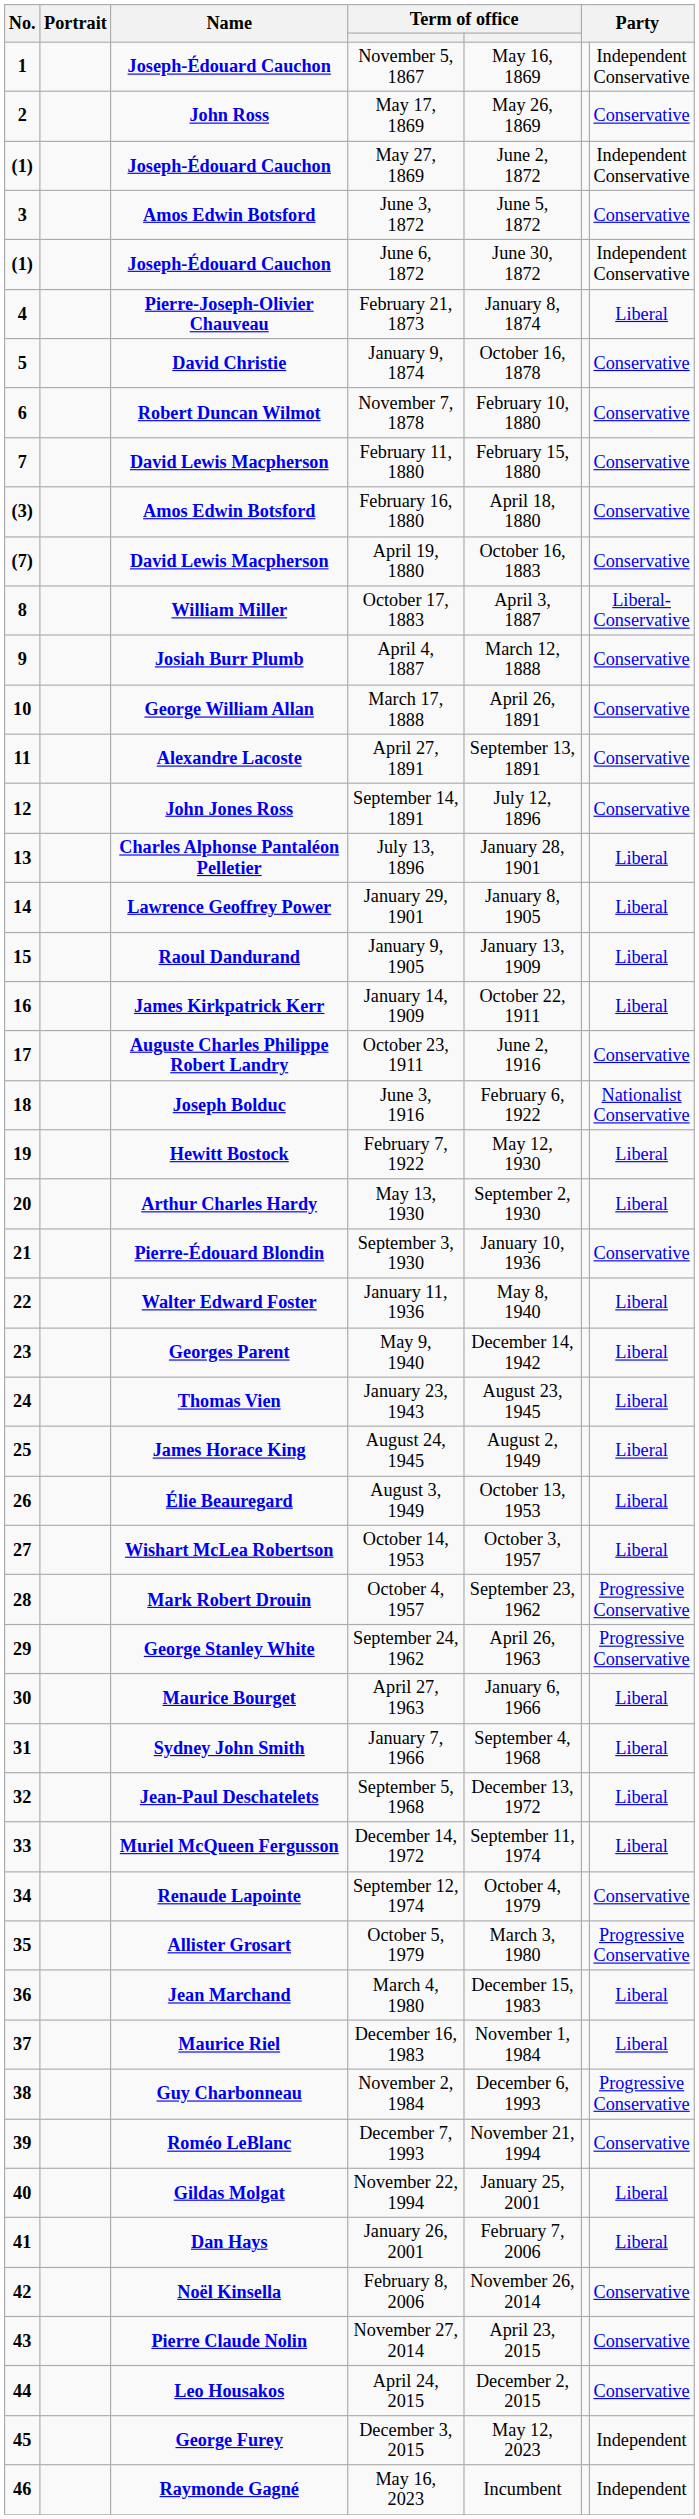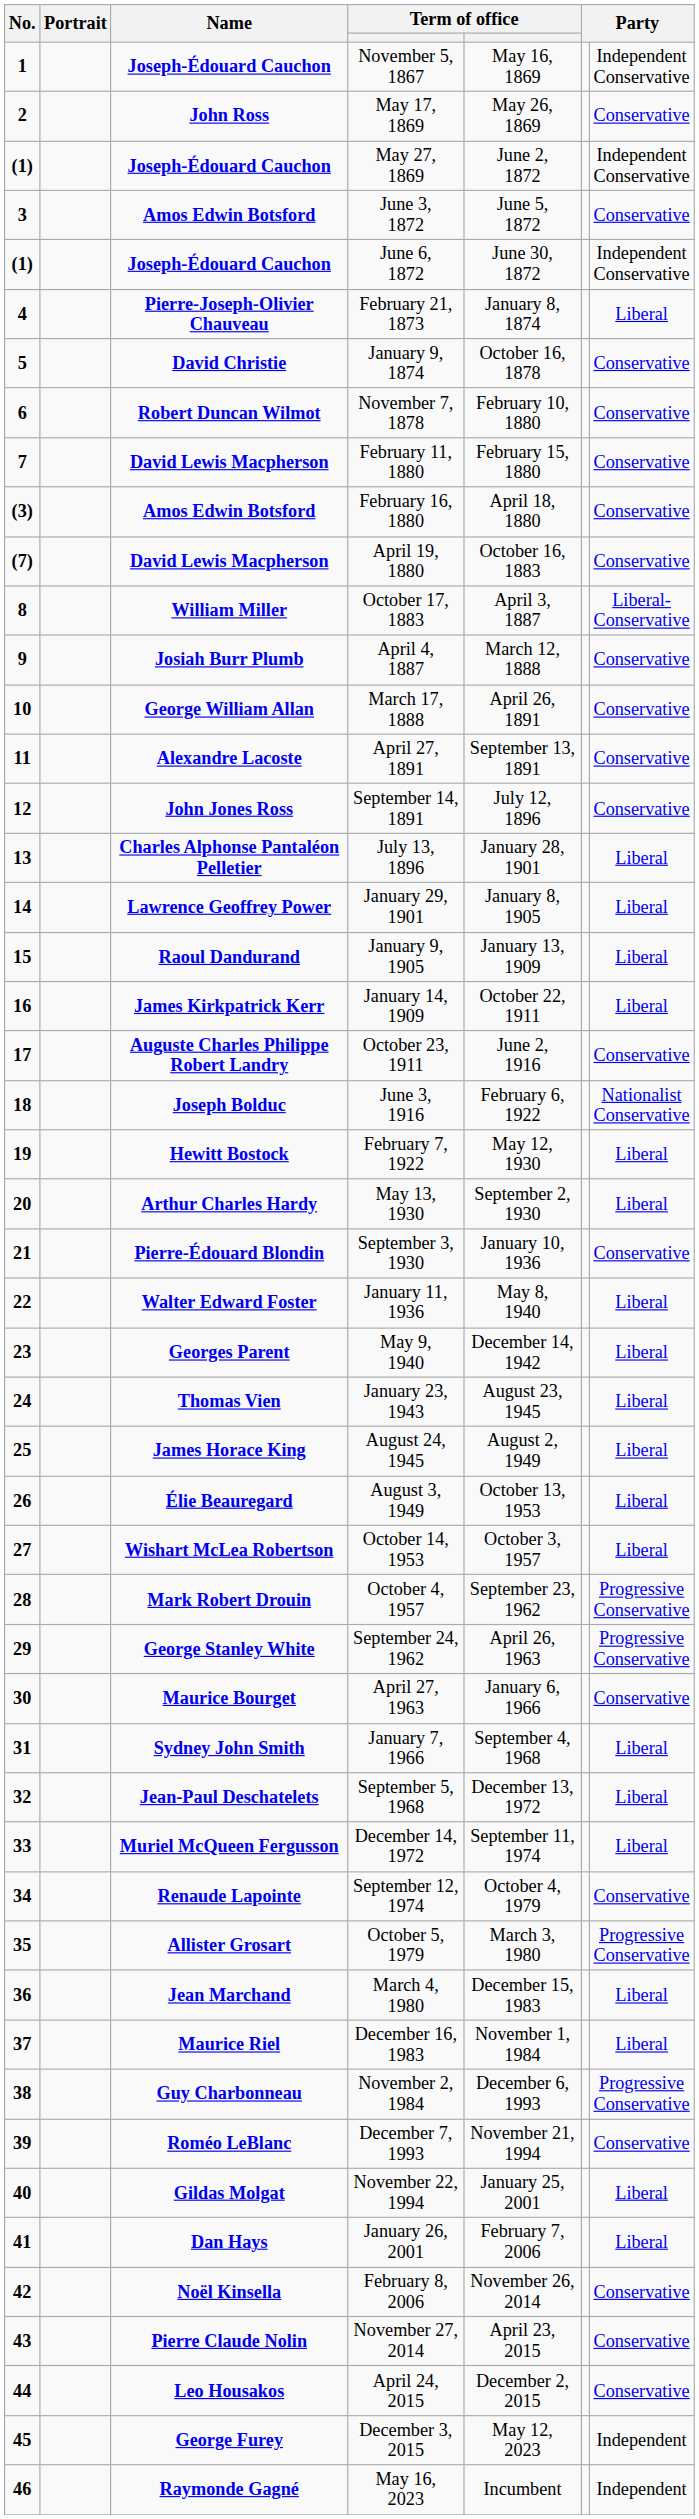 <table class="wikitable" style="text-align:center; border:1px #aaf solid;">
 <tr>
 <th rowspan="2">No.</th>
 <th rowspan="2">Portrait</th>
 <th rowspan="2" width="200px">Name<br></th>
 <th colspan="2">Term of office</th>
 <th colspan="2" rowspan="2">Party</th>
 </tr>
 <tr>
 <th width="95"></th>
 <th width="95"></th>
 </tr>
 <tr>
 <td><strong>1</strong></td>
 <td></td>
 <td><strong><a href='#'>Joseph-Édouard Cauchon</a></strong><br></td>
 <td>November 5,<br>1867</td>
 <td>May 16,<br>1869</td>
 <td style="background:"></td>
 <td>Independent<br>Conservative</td>
 </tr>
 <tr>
 <td><strong>2</strong></td>
 <td></td>
 <td><a href='#'><strong>John Ross</strong></a><br></td>
 <td>May 17,<br>1869</td>
 <td>May 26,<br>1869</td>
 <td style="background:"></td>
 <td><a href='#'>Conservative</a></td>
 </tr>
 <tr>
 <td><strong>(1)</strong></td>
 <td></td>
 <td><strong><a href='#'>Joseph-Édouard Cauchon</a></strong><br></td>
 <td>May 27,<br>1869</td>
 <td>June 2,<br>1872</td>
 <td style="background:"></td>
 <td>Independent<br>Conservative</td>
 </tr>
 <tr>
 <td><strong>3</strong></td>
 <td></td>
 <td><strong><a href='#'>Amos Edwin Botsford</a></strong><br></td>
 <td>June 3,<br>1872</td>
 <td>June 5,<br>1872</td>
 <td style="background:"></td>
 <td><a href='#'>Conservative</a></td>
 </tr>
 <tr>
 <td><strong>(1)</strong></td>
 <td></td>
 <td><strong><a href='#'>Joseph-Édouard Cauchon</a></strong><br></td>
 <td>June 6,<br>1872</td>
 <td>June 30,<br>1872</td>
 <td style="background:"></td>
 <td>Independent<br>Conservative</td>
 </tr>
 <tr>
 <td><strong>4</strong></td>
 <td></td>
 <td><strong><a href='#'>Pierre-Joseph-Olivier Chauveau</a></strong><br></td>
 <td>February 21,<br>1873</td>
 <td>January 8,<br>1874</td>
 <td style="background:"></td>
 <td><a href='#'>Liberal</a></td>
 </tr>
 <tr>
 <td><strong>5</strong></td>
 <td></td>
 <td><a href='#'><strong>David Christie</strong></a><br></td>
 <td>January 9,<br>1874</td>
 <td>October 16,<br>1878</td>
 <td style="background:"></td>
 <td><a href='#'>Conservative</a></td>
 </tr>
 <tr>
 <td><strong>6</strong></td>
 <td></td>
 <td><strong><a href='#'>Robert Duncan Wilmot</a></strong><br></td>
 <td>November 7,<br>1878</td>
 <td>February 10,<br>1880</td>
 <td style="background:"></td>
 <td><a href='#'>Conservative</a></td>
 </tr>
 <tr>
 <td><strong>7</strong></td>
 <td></td>
 <td><strong><a href='#'>David Lewis Macpherson</a></strong><br></td>
 <td>February 11,<br>1880</td>
 <td>February 15,<br>1880</td>
 <td style="background:"></td>
 <td><a href='#'>Conservative</a></td>
 </tr>
 <tr>
 <td><strong>(3)</strong></td>
 <td></td>
 <td><strong><a href='#'>Amos Edwin Botsford</a></strong><br></td>
 <td>February 16,<br>1880</td>
 <td>April 18,<br>1880</td>
 <td style="background:"></td>
 <td><a href='#'>Conservative</a></td>
 </tr>
 <tr>
 <td><strong>(7)</strong></td>
 <td></td>
 <td><strong><a href='#'>David Lewis Macpherson</a></strong><br></td>
 <td>April 19,<br>1880</td>
 <td>October 16,<br>1883</td>
 <td style="background:"></td>
 <td><a href='#'>Conservative</a></td>
 </tr>
 <tr>
 <td><strong>8</strong></td>
 <td></td>
 <td><a href='#'><strong>William Miller</strong></a><br></td>
 <td>October 17,<br>1883</td>
 <td>April 3,<br>1887</td>
 <td style="background:"></td>
 <td><a href='#'>Liberal-<br>Conservative</a></td>
 </tr>
 <tr>
 <td><strong>9</strong></td>
 <td></td>
 <td><strong><a href='#'>Josiah Burr Plumb</a></strong><br></td>
 <td>April 4,<br>1887</td>
 <td>March 12,<br>1888</td>
 <td style="background:"></td>
 <td><a href='#'>Conservative</a></td>
 </tr>
 <tr>
 <td><strong>10</strong></td>
 <td></td>
 <td><strong><a href='#'>George William Allan</a></strong><br></td>
 <td>March 17,<br>1888</td>
 <td>April 26,<br>1891</td>
 <td style="background:"></td>
 <td><a href='#'>Conservative</a></td>
 </tr>
 <tr>
 <td><strong>11</strong></td>
 <td></td>
 <td><strong><a href='#'>Alexandre Lacoste</a></strong><br></td>
 <td>April 27,<br>1891</td>
 <td>September 13,<br>1891</td>
 <td style="background:"></td>
 <td><a href='#'>Conservative</a></td>
 </tr>
 <tr>
 <td><strong>12</strong></td>
 <td></td>
 <td><strong><a href='#'>John Jones Ross</a></strong><br></td>
 <td>September 14,<br>1891</td>
 <td>July 12,<br>1896</td>
 <td style="background:"></td>
 <td><a href='#'>Conservative</a></td>
 </tr>
 <tr>
 <td><strong>13</strong></td>
 <td></td>
 <td><strong><a href='#'>Charles Alphonse Pantaléon Pelletier</a></strong><br></td>
 <td>July 13,<br>1896</td>
 <td>January 28,<br>1901</td>
 <td style="background:"></td>
 <td><a href='#'>Liberal</a></td>
 </tr>
 <tr>
 <td><strong>14</strong></td>
 <td></td>
 <td><strong><a href='#'>Lawrence Geoffrey Power</a></strong><br></td>
 <td>January 29,<br>1901</td>
 <td>January 8,<br>1905</td>
 <td style="background:"></td>
 <td><a href='#'>Liberal</a></td>
 </tr>
 <tr>
 <td><strong>15</strong></td>
 <td></td>
 <td><strong><a href='#'>Raoul Dandurand</a></strong><br></td>
 <td>January 9,<br>1905</td>
 <td>January 13,<br>1909</td>
 <td style="background:"></td>
 <td><a href='#'>Liberal</a></td>
 </tr>
 <tr>
 <td><strong>16</strong></td>
 <td></td>
 <td><strong><a href='#'>James Kirkpatrick Kerr</a></strong><br></td>
 <td>January 14,<br>1909</td>
 <td>October 22,<br>1911</td>
 <td style="background:"></td>
 <td><a href='#'>Liberal</a></td>
 </tr>
 <tr>
 <td><strong>17</strong></td>
 <td></td>
 <td><strong><a href='#'>Auguste Charles Philippe Robert Landry</a></strong><br></td>
 <td>October 23,<br>1911</td>
 <td>June 2,<br>1916</td>
 <td style="background:"></td>
 <td><a href='#'>Conservative</a></td>
 </tr>
 <tr>
 <td><strong>18</strong></td>
 <td></td>
 <td><strong><a href='#'>Joseph Bolduc</a></strong><br></td>
 <td>June 3,<br>1916</td>
 <td>February 6,<br>1922</td>
 <td style="background:"></td>
 <td><a href='#'>Nationalist<br>Conservative</a></td>
 </tr>
 <tr>
 <td><strong>19</strong></td>
 <td></td>
 <td><strong><a href='#'>Hewitt Bostock</a></strong><br></td>
 <td>February 7,<br>1922</td>
 <td>May 12,<br>1930</td>
 <td style="background:"></td>
 <td><a href='#'>Liberal</a></td>
 </tr>
 <tr>
 <td><strong>20</strong></td>
 <td></td>
 <td><strong><a href='#'>Arthur Charles Hardy</a></strong><br></td>
 <td>May 13,<br>1930</td>
 <td>September 2,<br>1930</td>
 <td style="background:"></td>
 <td><a href='#'>Liberal</a></td>
 </tr>
 <tr>
 <td><strong>21</strong></td>
 <td></td>
 <td><strong><a href='#'>Pierre-Édouard Blondin</a></strong><br></td>
 <td>September 3,<br>1930</td>
 <td>January 10,<br>1936</td>
 <td style="background:"></td>
 <td><a href='#'>Conservative</a></td>
 </tr>
 <tr>
 <td><strong>22</strong></td>
 <td></td>
 <td><strong><a href='#'>Walter Edward Foster</a></strong><br></td>
 <td>January 11,<br>1936</td>
 <td>May 8,<br>1940</td>
 <td style="background:"></td>
 <td><a href='#'>Liberal</a></td>
 </tr>
 <tr>
 <td><strong>23</strong></td>
 <td></td>
 <td><strong><a href='#'>Georges Parent</a></strong><br></td>
 <td>May 9,<br>1940</td>
 <td>December 14,<br>1942</td>
 <td style="background:"></td>
 <td><a href='#'>Liberal</a></td>
 </tr>
 <tr>
 <td><strong>24</strong></td>
 <td></td>
 <td><strong><a href='#'>Thomas Vien</a></strong><br></td>
 <td>January 23,<br>1943</td>
 <td>August 23,<br>1945</td>
 <td style="background:"></td>
 <td><a href='#'>Liberal</a></td>
 </tr>
 <tr>
 <td><strong>25</strong></td>
 <td></td>
 <td><strong><a href='#'>James Horace King</a></strong><br></td>
 <td>August 24,<br>1945</td>
 <td>August 2,<br>1949</td>
 <td style="background:"></td>
 <td><a href='#'>Liberal</a></td>
 </tr>
 <tr>
 <td><strong>26</strong></td>
 <td></td>
 <td><strong><a href='#'>Élie Beauregard</a></strong><br></td>
 <td>August 3,<br>1949</td>
 <td>October 13,<br>1953</td>
 <td style="background:"></td>
 <td><a href='#'>Liberal</a></td>
 </tr>
 <tr>
 <td><strong>27</strong></td>
 <td></td>
 <td><strong><a href='#'>Wishart McLea Robertson</a></strong><br></td>
 <td>October 14,<br>1953</td>
 <td>October 3,<br>1957</td>
 <td style="background:"></td>
 <td><a href='#'>Liberal</a></td>
 </tr>
 <tr>
 <td><strong>28</strong></td>
 <td></td>
 <td><strong><a href='#'>Mark Robert Drouin</a></strong><br></td>
 <td>October 4,<br>1957</td>
 <td>September 23,<br>1962</td>
 <td style="background:"></td>
 <td><a href='#'>Progressive<br>Conservative</a></td>
 </tr>
 <tr>
 <td><strong>29</strong></td>
 <td></td>
 <td><strong><a href='#'>George Stanley White</a></strong><br></td>
 <td>September 24,<br>1962</td>
 <td>April 26,<br>1963</td>
 <td style="background:"></td>
 <td><a href='#'>Progressive<br>Conservative</a></td>
 </tr>
 <tr>
 <td><strong>30</strong></td>
 <td></td>
 <td><strong><a href='#'>Maurice Bourget</a></strong><br></td>
 <td>April 27,<br>1963</td>
 <td>January 6,<br>1966</td>
 <td style="background:"></td>
-<td><a href='#'>Liberal</a></td>
+<td><a href='#'>Conservative</a></td>
 </tr>
 <tr>
 <td><strong>31</strong></td>
 <td></td>
 <td><strong><a href='#'>Sydney John Smith</a></strong><br></td>
 <td>January 7,<br>1966</td>
 <td>September 4,<br>1968</td>
 <td style="background:"></td>
 <td><a href='#'>Liberal</a></td>
 </tr>
 <tr>
 <td><strong>32</strong></td>
 <td></td>
 <td><strong><a href='#'>Jean-Paul Deschatelets</a></strong><br></td>
 <td>September 5,<br>1968</td>
 <td>December 13,<br>1972</td>
 <td style="background:"></td>
 <td><a href='#'>Liberal</a></td>
 </tr>
 <tr>
 <td><strong>33</strong></td>
 <td></td>
 <td><strong><a href='#'>Muriel McQueen Fergusson</a></strong><br></td>
 <td>December 14,<br>1972</td>
 <td>September 11,<br>1974</td>
 <td style="background:"></td>
 <td><a href='#'>Liberal</a></td>
 </tr>
 <tr>
 <td><strong>34</strong></td>
 <td></td>
 <td><strong><a href='#'>Renaude Lapointe</a></strong><br></td>
 <td>September 12,<br>1974</td>
 <td>October 4,<br>1979</td>
 <td style="background:"></td>
 <td><a href='#'>Conservative</a></td>
 </tr>
 <tr>
 <td><strong>35</strong></td>
 <td></td>
 <td><strong><a href='#'>Allister Grosart</a></strong><br></td>
 <td>October 5,<br>1979</td>
 <td>March 3,<br>1980</td>
 <td style="background:"></td>
 <td><a href='#'>Progressive<br>Conservative</a></td>
 </tr>
 <tr>
 <td><strong>36</strong></td>
 <td></td>
 <td><strong><a href='#'>Jean Marchand</a></strong><br></td>
 <td>March 4,<br>1980</td>
 <td>December 15,<br>1983</td>
 <td style="background:"></td>
 <td><a href='#'>Liberal</a></td>
 </tr>
 <tr>
 <td><strong>37</strong></td>
 <td></td>
 <td><strong><a href='#'>Maurice Riel</a></strong><br></td>
 <td>December 16,<br>1983</td>
 <td>November 1,<br>1984</td>
 <td style="background:"></td>
 <td><a href='#'>Liberal</a></td>
 </tr>
 <tr>
 <td><strong>38</strong></td>
 <td></td>
 <td><strong><a href='#'>Guy Charbonneau</a></strong><br></td>
 <td>November 2,<br>1984</td>
 <td>December 6,<br>1993</td>
 <td style="background:"></td>
 <td><a href='#'>Progressive<br>Conservative</a></td>
 </tr>
 <tr>
 <td><strong>39</strong></td>
 <td></td>
 <td><strong><a href='#'>Roméo LeBlanc</a></strong><br></td>
 <td>December 7,<br>1993</td>
 <td>November 21,<br>1994</td>
 <td style="background:"></td>
 <td><a href='#'>Conservative</a></td>
 </tr>
 <tr>
 <td><strong>40</strong></td>
 <td></td>
 <td><strong><a href='#'>Gildas Molgat</a></strong><br></td>
 <td>November 22,<br>1994</td>
 <td>January 25,<br>2001</td>
 <td style="background:"></td>
 <td><a href='#'>Liberal</a></td>
 </tr>
 <tr>
 <td><strong>41</strong></td>
 <td></td>
 <td><strong><a href='#'>Dan Hays</a></strong><br></td>
 <td>January 26,<br>2001</td>
 <td>February 7,<br>2006</td>
 <td style="background:"></td>
 <td><a href='#'>Liberal</a></td>
 </tr>
 <tr>
 <td><strong>42</strong></td>
 <td></td>
 <td><strong><a href='#'>Noël Kinsella</a></strong><br></td>
 <td>February 8,<br>2006</td>
 <td>November 26,<br>2014</td>
 <td style="background:"></td>
 <td><a href='#'>Conservative</a></td>
 </tr>
 <tr>
 <td><strong>43</strong></td>
 <td></td>
 <td><strong><a href='#'>Pierre Claude Nolin</a></strong><br></td>
 <td>November 27,<br>2014</td>
 <td>April 23,<br>2015</td>
 <td style="background:"></td>
 <td><a href='#'>Conservative</a></td>
 </tr>
 <tr>
 <td><strong>44</strong></td>
 <td></td>
 <td><strong><a href='#'>Leo Housakos</a></strong><br></td>
 <td>April 24,<br>2015</td>
 <td>December 2,<br>2015</td>
 <td style="background:"></td>
 <td><a href='#'>Conservative</a></td>
 </tr>
 <tr>
 <td><strong>45</strong></td>
 <td></td>
 <td><strong><a href='#'>George Furey</a></strong><br></td>
 <td>December 3,<br>2015</td>
 <td>May 12,<br>2023</td>
 <td style="background:"></td>
 <td>Independent</td>
 </tr>
 <tr>
 <td><strong>46</strong></td>
 <td></td>
 <td><strong><a href='#'>Raymonde Gagné</a></strong><br></td>
 <td>May 16,<br>2023</td>
 <td>Incumbent</td>
 <td style="background:"></td>
 <td>Independent</td>
 </tr>
 </table>
